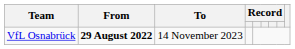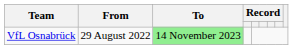 <table class="wikitable" style="text-align: center">
 <tr>
 <th rowspan="2">Team</th>
 <th rowspan="2">From</th>
 <th rowspan="2">To</th>
 <th colspan="5">Record</th>
 <th rowspan="2"></th>
 </tr>
 <tr>
 <th></th>
 <th></th>
 <th></th>
 <th></th>
 <th></th>
 </tr>
 <tr>
 <td><a href='#'>VfL Osnabrück</a></td>
-<td><strong>29 August 2022</strong></td>
-<td>14 November 2023<br></td>
+<td>29 August 2022</td>
+<td style="background: lightgreen;">14 November 2023<br></td>
 <td></td>
 </tr>
 </table>
